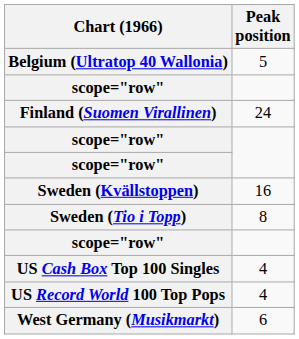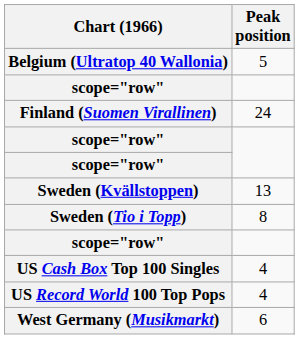 <table class="wikitable plainrowheaders sortable">
 <tr>
 <th scope="col">Chart (1966)</th>
 <th scope="col">Peak<br>position</th>
 </tr>
 <tr>
 <th scope="row">Belgium (<a href='#'>Ultratop 40 Wallonia</a>)</th>
 <td align="center">5</td>
 </tr>
 <tr>
 <th>scope="row" </th>
 </tr>
 <tr>
 <th scope="row">Finland (<a href='#'><em>Suomen Virallinen</em></a>)</th>
 <td align="center">24</td>
 </tr>
 <tr>
 <th>scope="row" </th>
 </tr>
 <tr>
 <th>scope="row" </th>
 </tr>
 <tr>
 <th scope="row">Sweden (<a href='#'>Kvällstoppen</a>)</th>
-<td style="text-align:center;">16</td>
+<td style="text-align:center;">13</td>
 </tr>
 <tr>
 <th scope="row">Sweden (<em><a href='#'>Tio i Topp</a></em>)</th>
 <td style="text-align:center;">8</td>
 </tr>
 <tr>
 <th>scope="row" </th>
 </tr>
 <tr>
 <th scope="row">US <em><a href='#'>Cash Box</a></em> Top 100 Singles</th>
 <td align="center">4</td>
 </tr>
 <tr>
 <th scope="row">US <em><a href='#'>Record World</a></em> 100 Top Pops</th>
 <td align="center">4</td>
 </tr>
 <tr>
 <th scope="row">West Germany (<em><a href='#'>Musikmarkt</a></em>)</th>
 <td align="center">6</td>
 </tr>
 </table>
